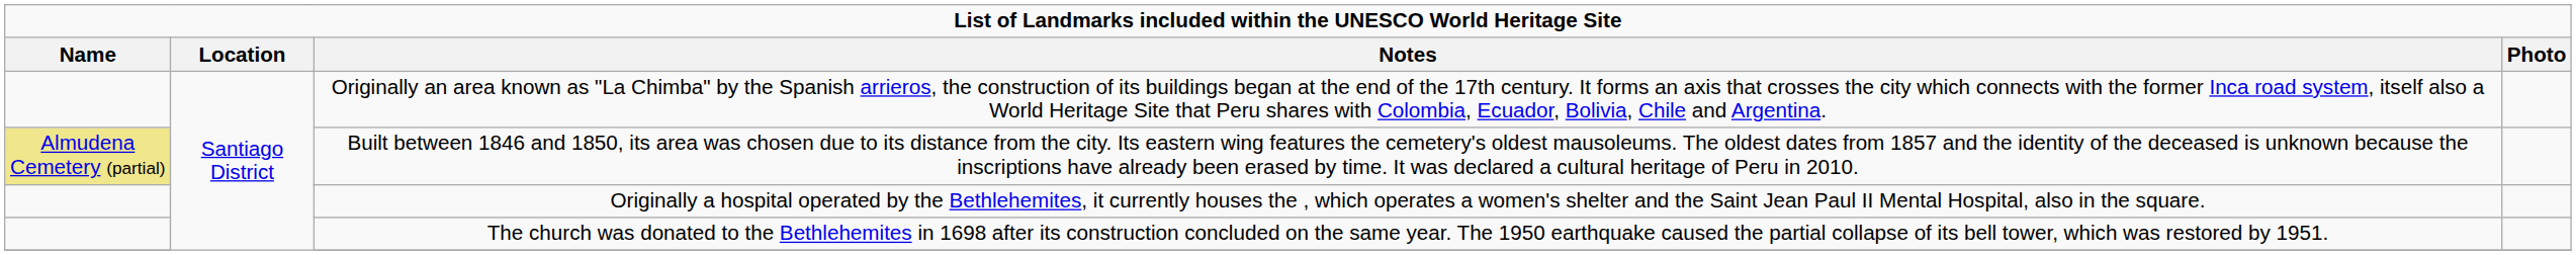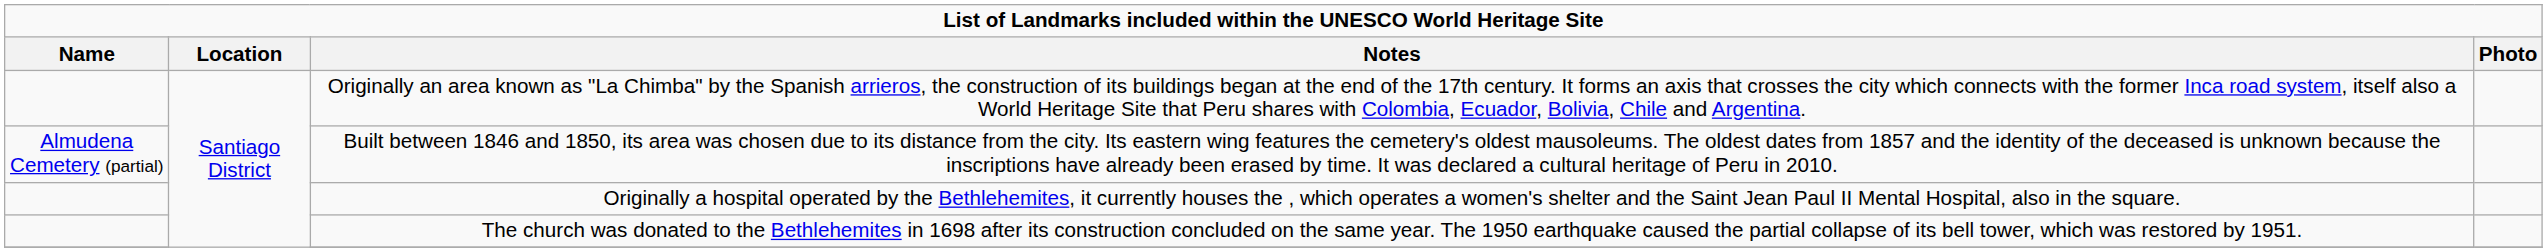 <table class="wikitable sortable mw-collapsible mw-collapsed" style="text-align:center" style="width:95%">
 <tr>
 <td colspan=4><div><strong>List of Landmarks included within the UNESCO World Heritage Site</strong></div></td>
 </tr>
 <tr>
 <th style="width:120px;">Name</th>
 <th>Location</th>
 <th>Notes</th>
 <th>Photo</th>
 </tr>
 <tr>
 <td></td>
 <td rowspan=5><a href='#'>Santiago District</a></td>
 <td>Originally an area known as "La Chimba" by the Spanish <a href='#'>arrieros</a>, the construction of its buildings began at the end of the 17th century. It forms an axis that crosses the city which connects with the former <a href='#'>Inca road system</a>, itself also a World Heritage Site that Peru shares with <a href='#'>Colombia</a>, <a href='#'>Ecuador</a>, <a href='#'>Bolivia</a>, <a href='#'>Chile</a> and <a href='#'>Argentina</a>.</td>
 <td></td>
 </tr>
 <tr>
-<td style="background: khaki;"><a href='#'>Almudena Cemetery</a> <small>(partial)</small></td>
+<td><a href='#'>Almudena Cemetery</a> <small>(partial)</small></td>
 <td>Built between 1846 and 1850, its area was chosen due to its distance from the city. Its eastern wing features the cemetery's oldest mausoleums. The oldest dates from 1857 and the identity of the deceased is unknown because the inscriptions have already been erased by time. It was declared a cultural heritage of Peru in 2010.</td>
 <td></td>
 </tr>
 <tr>
 <td></td>
 <td>Originally a hospital operated by the <a href='#'>Bethlehemites</a>, it currently houses the , which operates a women's shelter and the Saint Jean Paul II Mental Hospital, also in the square.</td>
 <td></td>
 </tr>
 <tr>
 <td></td>
 <td>The church was donated to the <a href='#'>Bethlehemites</a> in 1698 after its construction concluded on the same year. The 1950 earthquake caused the partial collapse of its bell tower, which was restored by 1951.</td>
 <td></td>
 </tr>
 <tr>
 </tr>
 </table>
